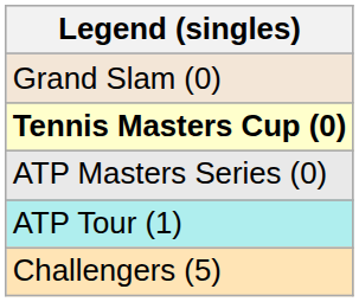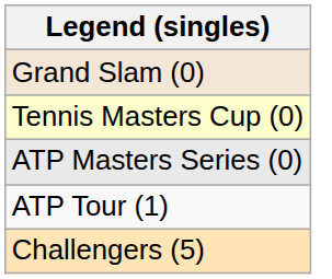 <table class="wikitable">
 <tr>
 <th>Legend (singles)</th>
 </tr>
 <tr style="background:#f3e6d7;">
 <td>Grand Slam (0)</td>
 </tr>
 <tr style="background:#ffffcc;">
-<td><strong>Tennis Masters Cup (0)</strong></td>
+<td>Tennis Masters Cup (0)</td>
 </tr>
 <tr style="background:#e9e9e9;">
 <td>ATP Masters Series (0)</td>
 </tr>
 <tr>
-<td style="background: paleturquoise;">ATP Tour (1)</td>
+<td>ATP Tour (1)</td>
 </tr>
 <tr bgcolor="moccasin">
 <td>Challengers (5)</td>
 </tr>
 </table>
